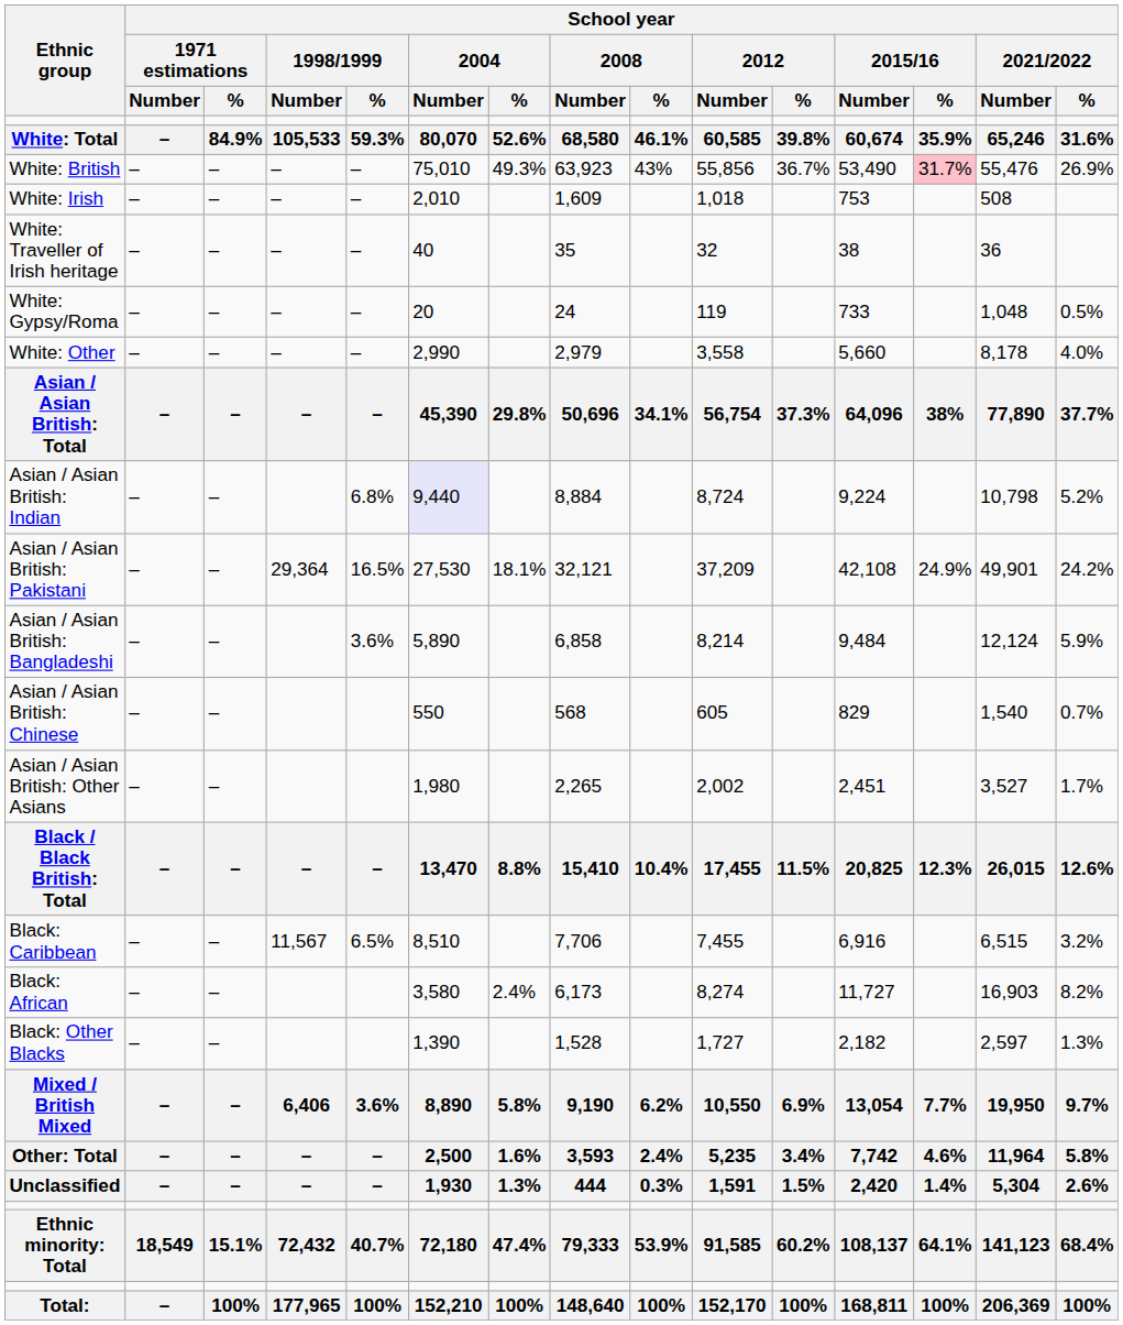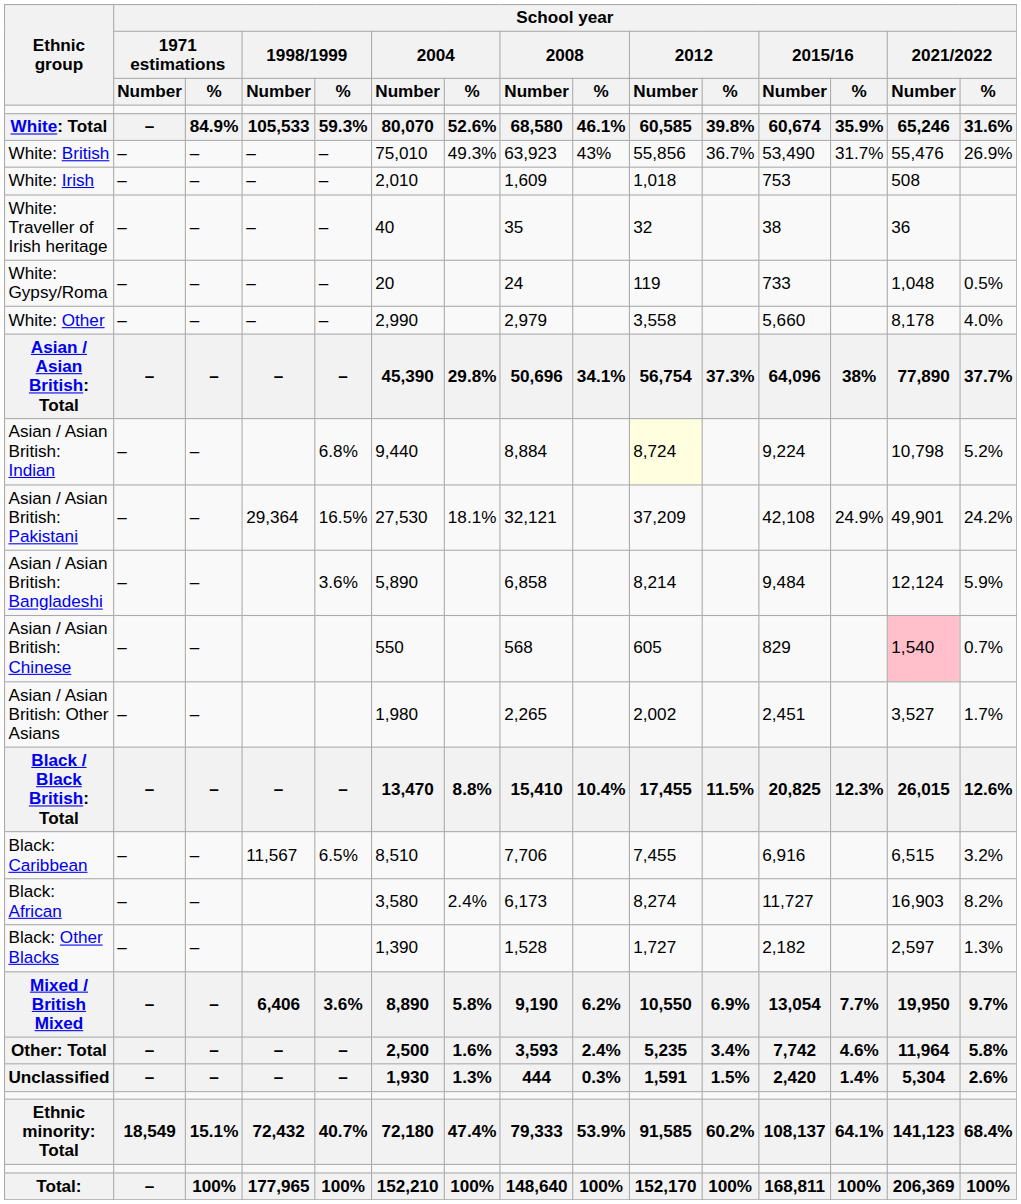 <table class="wikitable mw-collapsible mw-collapsed">
 <tr>
 <th rowspan="3">Ethnic group</th>
 <th colspan="14">School year</th>
 </tr>
 <tr>
 <th colspan="2">1971 estimations</th>
 <th colspan="2">1998/1999</th>
 <th colspan="2">2004</th>
 <th colspan="2">2008</th>
 <th colspan="2">2012</th>
 <th colspan="2">2015/16</th>
 <th colspan="2">2021/2022</th>
 </tr>
 <tr>
 <th>Number</th>
 <th>%</th>
 <th>Number</th>
 <th>%</th>
 <th>Number</th>
 <th>%</th>
 <th>Number</th>
 <th>%</th>
 <th>Number</th>
 <th>%</th>
 <th>Number</th>
 <th>%</th>
 <th>Number</th>
 <th>%</th>
 </tr>
 <tr>
 <td></td>
 <td></td>
 <td></td>
 <td></td>
 <td></td>
 <td></td>
 <td></td>
 <td></td>
 <td></td>
 <td></td>
 <td></td>
 <td></td>
 <td></td>
 <td></td>
 <td></td>
 </tr>
 <tr>
 <th><a href='#'>White</a>: Total</th>
 <th>–</th>
 <th>84.9%</th>
 <th>105,533</th>
 <th>59.3%</th>
 <th>80,070</th>
 <th>52.6%</th>
 <th>68,580</th>
 <th>46.1%</th>
 <th>60,585</th>
 <th>39.8%</th>
 <th>60,674</th>
 <th>35.9%</th>
 <th>65,246</th>
 <th>31.6%</th>
 </tr>
 <tr>
 <td>White: <a href='#'>British</a></td>
 <td>–</td>
 <td>–</td>
 <td>–</td>
 <td>–</td>
 <td>75,010</td>
 <td>49.3%</td>
 <td>63,923</td>
 <td>43%</td>
 <td>55,856</td>
 <td>36.7%</td>
 <td>53,490</td>
-<td style="background: pink;">31.7%</td>
+<td>31.7%</td>
 <td>55,476</td>
 <td>26.9%</td>
 </tr>
 <tr>
 <td>White: <a href='#'>Irish</a></td>
 <td>–</td>
 <td>–</td>
 <td>–</td>
 <td>–</td>
 <td>2,010</td>
 <td></td>
 <td>1,609</td>
 <td></td>
 <td>1,018</td>
 <td></td>
 <td>753</td>
 <td></td>
 <td>508</td>
 <td></td>
 </tr>
 <tr>
 <td>White: Traveller of Irish heritage</td>
 <td>–</td>
 <td>–</td>
 <td>–</td>
 <td>–</td>
 <td>40</td>
 <td></td>
 <td>35</td>
 <td></td>
 <td>32</td>
 <td></td>
 <td>38</td>
 <td></td>
 <td>36</td>
 <td></td>
 </tr>
 <tr>
 <td>White: Gypsy/Roma</td>
 <td>–</td>
 <td>–</td>
 <td>–</td>
 <td>–</td>
 <td>20</td>
 <td></td>
 <td>24</td>
 <td></td>
 <td>119</td>
 <td></td>
 <td>733</td>
 <td></td>
 <td>1,048</td>
 <td>0.5%</td>
 </tr>
 <tr>
 <td>White: <a href='#'>Other</a></td>
 <td>–</td>
 <td>–</td>
 <td>–</td>
 <td>–</td>
 <td>2,990</td>
 <td></td>
 <td>2,979</td>
 <td></td>
 <td>3,558</td>
 <td></td>
 <td>5,660</td>
 <td></td>
 <td>8,178</td>
 <td>4.0%</td>
 </tr>
 <tr>
 <th><a href='#'>Asian / Asian British</a>: Total</th>
 <th>–</th>
 <th>–</th>
 <th>–</th>
 <th>–</th>
 <th>45,390</th>
 <th>29.8%</th>
 <th>50,696</th>
 <th>34.1%</th>
 <th>56,754</th>
 <th>37.3%</th>
 <th>64,096</th>
 <th>38%</th>
 <th>77,890</th>
 <th>37.7%</th>
 </tr>
 <tr>
 <td>Asian / Asian British: <a href='#'>Indian</a></td>
 <td>–</td>
 <td>–</td>
 <td></td>
 <td>6.8%</td>
-<td style="background: lavender;">9,440</td>
+<td>9,440</td>
 <td></td>
 <td>8,884</td>
 <td></td>
-<td>8,724</td>
+<td style="background: lightyellow;">8,724</td>
 <td></td>
 <td>9,224</td>
 <td></td>
 <td>10,798</td>
 <td>5.2%</td>
 </tr>
 <tr>
 <td>Asian / Asian British: <a href='#'>Pakistani</a></td>
 <td>–</td>
 <td>–</td>
 <td>29,364</td>
 <td>16.5%</td>
 <td>27,530</td>
 <td>18.1%</td>
 <td>32,121</td>
 <td></td>
 <td>37,209</td>
 <td></td>
 <td>42,108</td>
 <td>24.9%</td>
 <td>49,901</td>
 <td>24.2%</td>
 </tr>
 <tr>
 <td>Asian / Asian British: <a href='#'>Bangladeshi</a></td>
 <td>–</td>
 <td>–</td>
 <td></td>
 <td>3.6%</td>
 <td>5,890</td>
 <td></td>
 <td>6,858</td>
 <td></td>
 <td>8,214</td>
 <td></td>
 <td>9,484</td>
 <td></td>
 <td>12,124</td>
 <td>5.9%</td>
 </tr>
 <tr>
 <td>Asian / Asian British: <a href='#'>Chinese</a></td>
 <td>–</td>
 <td>–</td>
 <td></td>
 <td></td>
 <td>550</td>
 <td></td>
 <td>568</td>
 <td></td>
 <td>605</td>
 <td></td>
 <td>829</td>
 <td></td>
-<td>1,540</td>
+<td style="background: pink;">1,540</td>
 <td>0.7%</td>
 </tr>
 <tr>
 <td>Asian / Asian British: Other Asians</td>
 <td>–</td>
 <td>–</td>
 <td></td>
 <td></td>
 <td>1,980</td>
 <td></td>
 <td>2,265</td>
 <td></td>
 <td>2,002</td>
 <td></td>
 <td>2,451</td>
 <td></td>
 <td>3,527</td>
 <td>1.7%</td>
 </tr>
 <tr>
 <th><a href='#'>Black / Black British</a>: Total</th>
 <th>–</th>
 <th>–</th>
 <th>–</th>
 <th>–</th>
 <th>13,470</th>
 <th>8.8%</th>
 <th>15,410</th>
 <th>10.4%</th>
 <th>17,455</th>
 <th>11.5%</th>
 <th>20,825</th>
 <th>12.3%</th>
 <th>26,015</th>
 <th>12.6%</th>
 </tr>
 <tr>
 <td>Black: <a href='#'>Caribbean</a></td>
 <td>–</td>
 <td>–</td>
 <td>11,567</td>
 <td>6.5%</td>
 <td>8,510</td>
 <td></td>
 <td>7,706</td>
 <td></td>
 <td>7,455</td>
 <td></td>
 <td>6,916</td>
 <td></td>
 <td>6,515</td>
 <td>3.2%</td>
 </tr>
 <tr>
 <td>Black: <a href='#'>African</a></td>
 <td>–</td>
 <td>–</td>
 <td></td>
 <td></td>
 <td>3,580</td>
 <td>2.4%</td>
 <td>6,173</td>
 <td></td>
 <td>8,274</td>
 <td></td>
 <td>11,727</td>
 <td></td>
 <td>16,903</td>
 <td>8.2%</td>
 </tr>
 <tr>
 <td>Black: <a href='#'>Other Blacks</a></td>
 <td>–</td>
 <td>–</td>
 <td></td>
 <td></td>
 <td>1,390</td>
 <td></td>
 <td>1,528</td>
 <td></td>
 <td>1,727</td>
 <td></td>
 <td>2,182</td>
 <td></td>
 <td>2,597</td>
 <td>1.3%</td>
 </tr>
 <tr>
 <th><a href='#'>Mixed / British Mixed</a></th>
 <th>–</th>
 <th>–</th>
 <th>6,406</th>
 <th>3.6%</th>
 <th>8,890</th>
 <th>5.8%</th>
 <th>9,190</th>
 <th>6.2%</th>
 <th>10,550</th>
 <th>6.9%</th>
 <th>13,054</th>
 <th>7.7%</th>
 <th>19,950</th>
 <th>9.7%</th>
 </tr>
 <tr>
 <th>Other: Total</th>
 <th>–</th>
 <th>–</th>
 <th>–</th>
 <th>–</th>
 <th>2,500</th>
 <th>1.6%</th>
 <th>3,593</th>
 <th>2.4%</th>
 <th>5,235</th>
 <th>3.4%</th>
 <th>7,742</th>
 <th>4.6%</th>
 <th>11,964</th>
 <th>5.8%</th>
 </tr>
 <tr>
 <th>Unclassified</th>
 <th>–</th>
 <th>–</th>
 <th>–</th>
 <th>–</th>
 <th>1,930</th>
 <th>1.3%</th>
 <th>444</th>
 <th>0.3%</th>
 <th>1,591</th>
 <th>1.5%</th>
 <th>2,420</th>
 <th>1.4%</th>
 <th>5,304</th>
 <th>2.6%</th>
 </tr>
 <tr>
 <td></td>
 <td></td>
 <td></td>
 <td></td>
 <td></td>
 <td></td>
 <td></td>
 <td></td>
 <td></td>
 <td></td>
 <td></td>
 <td></td>
 <td></td>
 <td></td>
 <td></td>
 </tr>
 <tr>
 <th>Ethnic minority: Total</th>
 <th>18,549</th>
 <th>15.1%</th>
 <th>72,432</th>
 <th>40.7%</th>
 <th>72,180</th>
 <th>47.4%</th>
 <th>79,333</th>
 <th>53.9%</th>
 <th>91,585</th>
 <th>60.2%</th>
 <th>108,137</th>
 <th>64.1%</th>
 <th>141,123</th>
 <th>68.4%</th>
 </tr>
 <tr>
 <td></td>
 <td></td>
 <td></td>
 <td></td>
 <td></td>
 <td></td>
 <td></td>
 <td></td>
 <td></td>
 <td></td>
 <td></td>
 <td></td>
 <td></td>
 <td></td>
 <td></td>
 </tr>
 <tr>
 <th>Total:</th>
 <th>–</th>
 <th>100%</th>
 <th>177,965</th>
 <th>100%</th>
 <th>152,210</th>
 <th>100%</th>
 <th>148,640</th>
 <th>100%</th>
 <th>152,170</th>
 <th>100%</th>
 <th>168,811</th>
 <th>100%</th>
 <th>206,369</th>
 <th>100%</th>
 </tr>
 </table>
